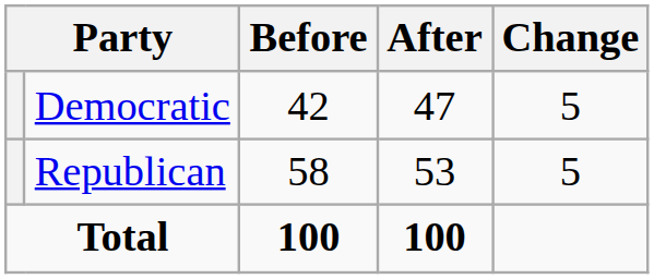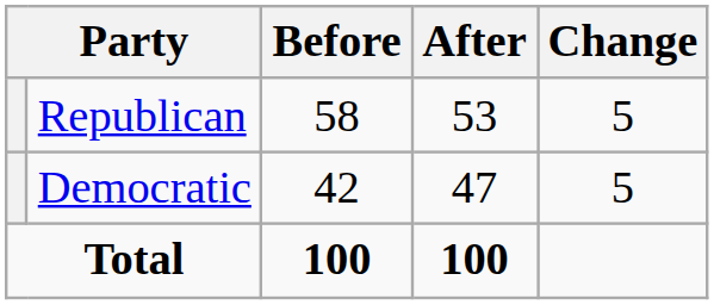 <table class="wikitable" style="text-align:center;">
 <tr>
 <th colspan="2">Party</th>
 <th>Before</th>
 <th>After</th>
 <th>Change</th>
 </tr>
 <tr>
 <th style="background-color:"></th>
-<td style="text-align:left;"><a href='#'>Democratic</a></td>
-<td>42</td>
-<td>47</td>
+<td style="text-align:left;"><a href='#'>Republican</a></td>
+<td>58</td>
+<td>53</td>
 <td> 5</td>
 </tr>
 <tr>
 <th style="background-color:"></th>
-<td style="text-align:left;"><a href='#'>Republican</a></td>
-<td>58</td>
-<td>53</td>
+<td style="text-align:left;"><a href='#'>Democratic</a></td>
+<td>42</td>
+<td>47</td>
 <td> 5</td>
 </tr>
 <tr>
 <td colspan="2"><strong>Total</strong></td>
 <td><strong>100</strong></td>
 <td><strong>100</strong></td>
 <td></td>
 </tr>
 </table>
